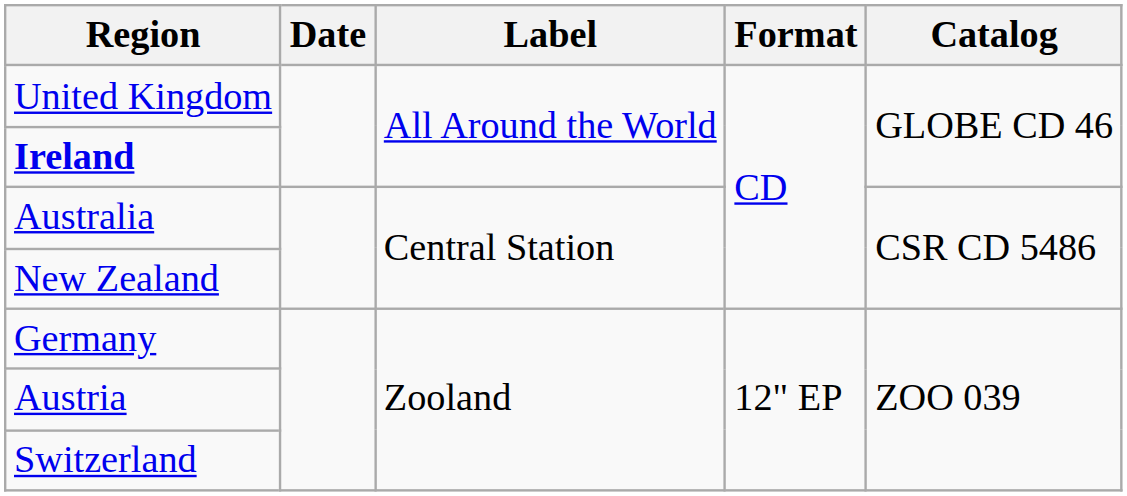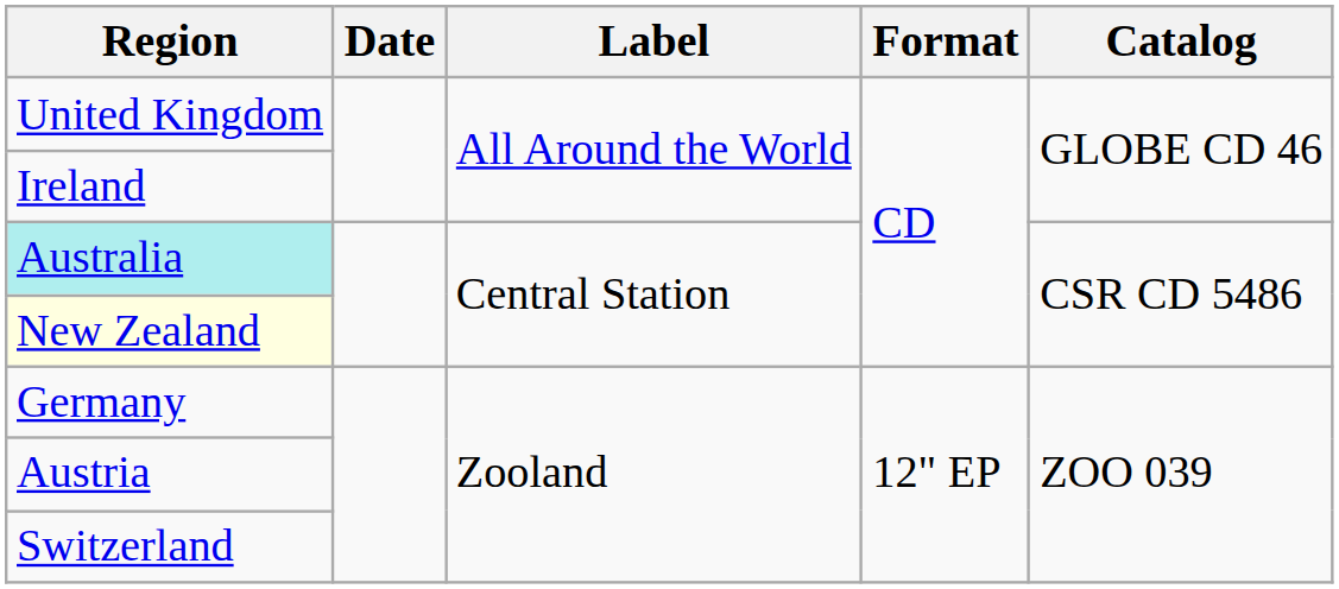 <table class="wikitable">
 <tr>
 <th><strong>Region</strong></th>
 <th><strong>Date</strong></th>
 <th><strong>Label</strong></th>
 <th><strong>Format</strong></th>
 <th><strong>Catalog</strong></th>
 </tr>
 <tr>
 <td><a href='#'>United Kingdom</a></td>
 <td rowspan="2"></td>
 <td rowspan="2"><a href='#'>All Around the World</a></td>
 <td rowspan="4"><a href='#'>CD</a></td>
 <td rowspan="2">GLOBE CD 46</td>
 </tr>
 <tr>
-<td><strong><a href='#'>Ireland</a></strong></td>
+<td><a href='#'>Ireland</a></td>
 </tr>
 <tr>
-<td><a href='#'>Australia</a></td>
+<td style="background: paleturquoise;"><a href='#'>Australia</a></td>
 <td rowspan="2"></td>
 <td rowspan="2">Central Station</td>
 <td rowspan="2">CSR CD 5486</td>
 </tr>
 <tr>
-<td><a href='#'>New Zealand</a></td>
+<td style="background: lightyellow;"><a href='#'>New Zealand</a></td>
 </tr>
 <tr>
 <td><a href='#'>Germany</a></td>
 <td rowspan="3"></td>
 <td rowspan="3">Zooland</td>
 <td rowspan="3">12" EP</td>
 <td rowspan="3">ZOO 039</td>
 </tr>
 <tr>
 <td><a href='#'>Austria</a></td>
 </tr>
 <tr>
 <td><a href='#'>Switzerland</a></td>
 </tr>
 </table>
